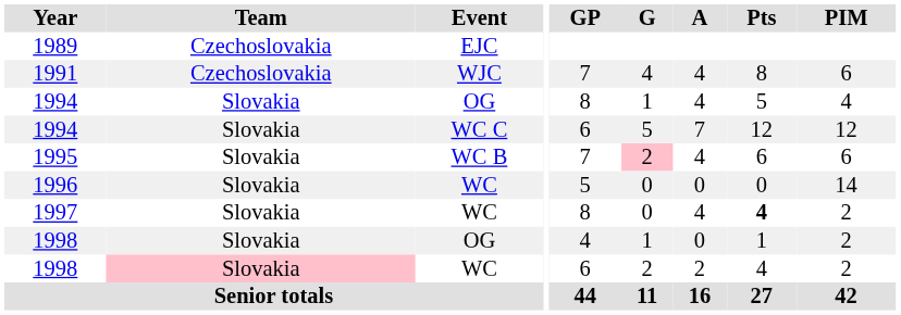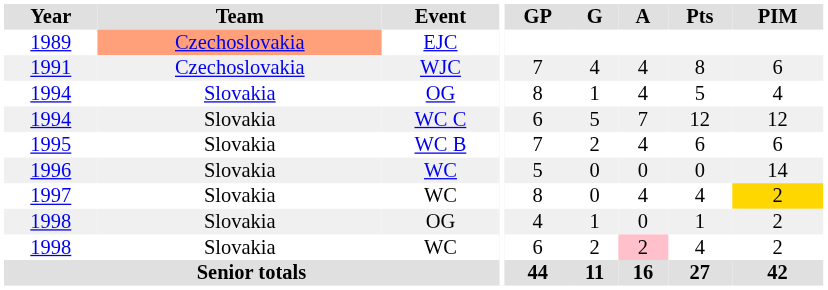 <table border="0" cellpadding="1" cellspacing="0" ID="Table3" style="text-align:center; width:40em">
 <tr ALIGN="center" bgcolor="#e0e0e0">
 <th>Year</th>
 <th>Team</th>
 <th>Event</th>
 <th rowspan="99" bgcolor="#ffffff"></th>
 <th>GP</th>
 <th>G</th>
 <th>A</th>
 <th>Pts</th>
 <th>PIM</th>
 </tr>
 <tr>
 <td><a href='#'>1989</a></td>
-<td><a href='#'>Czechoslovakia</a></td>
+<td style="background: lightsalmon;"><a href='#'>Czechoslovakia</a></td>
 <td><a href='#'>EJC</a></td>
 <td></td>
 <td></td>
 <td></td>
 <td></td>
 <td></td>
 </tr>
 <tr bgcolor="#f0f0f0">
 <td><a href='#'>1991</a></td>
 <td><a href='#'>Czechoslovakia</a></td>
 <td><a href='#'>WJC</a></td>
 <td>7</td>
 <td>4</td>
 <td>4</td>
 <td>8</td>
 <td>6</td>
 </tr>
 <tr>
 <td><a href='#'>1994</a></td>
 <td><a href='#'>Slovakia</a></td>
 <td><a href='#'>OG</a></td>
 <td>8</td>
 <td>1</td>
 <td>4</td>
 <td>5</td>
 <td>4</td>
 </tr>
 <tr bgcolor="#f0f0f0">
 <td><a href='#'>1994</a></td>
 <td>Slovakia</td>
 <td><a href='#'>WC C</a></td>
 <td>6</td>
 <td>5</td>
 <td>7</td>
 <td>12</td>
 <td>12</td>
 </tr>
 <tr>
 <td><a href='#'>1995</a></td>
 <td>Slovakia</td>
 <td><a href='#'>WC B</a></td>
 <td>7</td>
-<td style="background: pink;">2</td>
+<td>2</td>
 <td>4</td>
 <td>6</td>
 <td>6</td>
 </tr>
 <tr bgcolor="#f0f0f0">
 <td><a href='#'>1996</a></td>
 <td>Slovakia</td>
 <td><a href='#'>WC</a></td>
 <td>5</td>
 <td>0</td>
 <td>0</td>
 <td>0</td>
 <td>14</td>
 </tr>
 <tr>
 <td><a href='#'>1997</a></td>
 <td>Slovakia</td>
 <td>WC</td>
 <td>8</td>
 <td>0</td>
 <td>4</td>
-<td><strong>4</strong></td>
-<td>2</td>
+<td>4</td>
+<td style="background: gold;">2</td>
 </tr>
 <tr bgcolor="#f0f0f0">
 <td><a href='#'>1998</a></td>
 <td>Slovakia</td>
 <td>OG</td>
 <td>4</td>
 <td>1</td>
 <td>0</td>
 <td>1</td>
 <td>2</td>
 </tr>
 <tr>
 <td><a href='#'>1998</a></td>
-<td style="background: pink;">Slovakia</td>
+<td>Slovakia</td>
 <td>WC</td>
 <td>6</td>
 <td>2</td>
-<td>2</td>
+<td style="background: pink;">2</td>
 <td>4</td>
 <td>2</td>
 </tr>
 <tr bgcolor="#e0e0e0">
 <th colspan=3>Senior totals</th>
 <th>44</th>
 <th>11</th>
 <th>16</th>
 <th>27</th>
 <th>42</th>
 </tr>
 </table>
